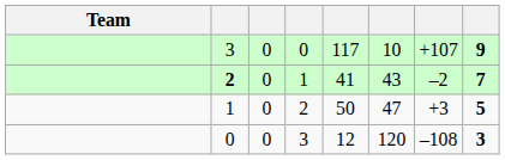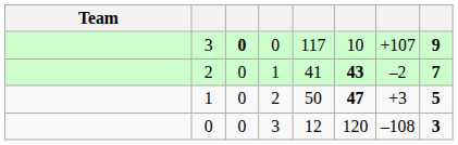 <table class="wikitable" style="text-align:center;">
 <tr>
 <th style="width:10.5em;">Team</th>
 <th style="width:1.5em;"></th>
 <th style="width:1.5em;"></th>
 <th style="width:1.5em;"></th>
 <th style="width:2.0em;"></th>
 <th style="width:2.0em;"></th>
 <th style="width:2.0em;"></th>
 <th style="width:1.5em;"></th>
 </tr>
 <tr bgcolor=#cfc>
 <td align="left"></td>
 <td>3</td>
-<td>0</td>
+<td><strong>0</strong></td>
 <td>0</td>
 <td>117</td>
 <td>10</td>
 <td>+107</td>
 <td><strong>9</strong></td>
 </tr>
 <tr bgcolor=#cfc>
 <td align="left"></td>
-<td><strong>2</strong></td>
+<td>2</td>
 <td>0</td>
 <td>1</td>
 <td>41</td>
-<td>43</td>
+<td><strong>43</strong></td>
 <td>–2</td>
 <td><strong>7</strong></td>
 </tr>
 <tr>
 <td align="left"></td>
 <td>1</td>
 <td>0</td>
 <td>2</td>
 <td>50</td>
-<td>47</td>
+<td><strong>47</strong></td>
 <td>+3</td>
 <td><strong>5</strong></td>
 </tr>
 <tr>
 <td align="left"></td>
 <td>0</td>
 <td>0</td>
 <td>3</td>
 <td>12</td>
 <td>120</td>
 <td>–108</td>
 <td><strong>3</strong></td>
 </tr>
 </table>
